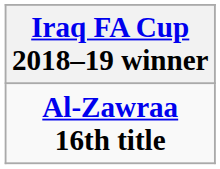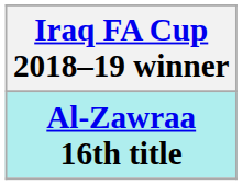 <table class="wikitable" style="text-align: center; margin: 0 auto;">
 <tr>
 <th><a href='#'>Iraq FA Cup</a><br>2018–19 winner</th>
 </tr>
 <tr>
-<td><strong><a href='#'>Al-Zawraa</a></strong><br><strong>16th title</strong></td>
+<td style="background: paleturquoise;"><strong><a href='#'>Al-Zawraa</a></strong><br><strong>16th title</strong></td>
 </tr>
 </table>
